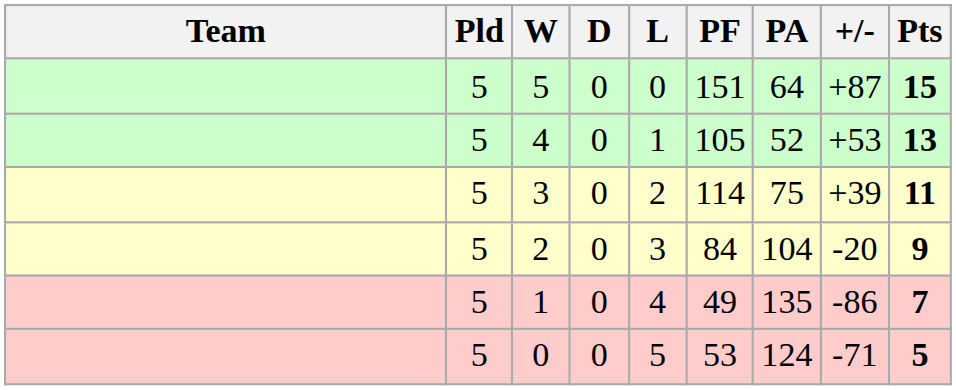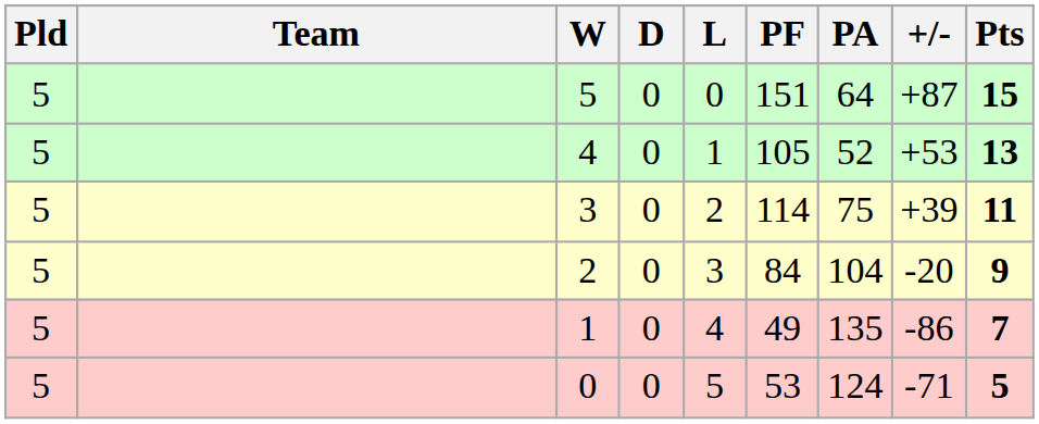 <table class="wikitable" border="1" style="text-align: center;">
 <tr>
+<th width="20">Pld</th>
 <th width="200">Team</th>
-<th width="20">Pld</th>
 <th width="20">W</th>
 <th width="20">D</th>
 <th width="20">L</th>
 <th width="20">PF</th>
 <th width="20">PA</th>
 <th width="25">+/-</th>
 <th width="20">Pts</th>
 </tr>
 <tr style="background:#cfc;">
+<td>5</td>
 <td align=left></td>
-<td>5</td>
 <td>5</td>
 <td>0</td>
 <td>0</td>
 <td>151</td>
 <td>64</td>
 <td>+87</td>
 <td><strong>15</strong></td>
 </tr>
 <tr style="background:#cfc;">
+<td>5</td>
 <td align=left></td>
-<td>5</td>
 <td>4</td>
 <td>0</td>
 <td>1</td>
 <td>105</td>
 <td>52</td>
 <td>+53</td>
 <td><strong>13</strong></td>
 </tr>
 <tr style="background:#ffc;">
+<td>5</td>
 <td align=left></td>
-<td>5</td>
 <td>3</td>
 <td>0</td>
 <td>2</td>
 <td>114</td>
 <td>75</td>
 <td>+39</td>
 <td><strong>11</strong></td>
 </tr>
 <tr style="background:#ffc;">
+<td>5</td>
 <td align=left></td>
-<td>5</td>
 <td>2</td>
 <td>0</td>
 <td>3</td>
 <td>84</td>
 <td>104</td>
 <td>-20</td>
 <td><strong>9</strong></td>
 </tr>
 <tr bgcolor="#ffcccc">
+<td>5</td>
 <td align=left></td>
-<td>5</td>
 <td>1</td>
 <td>0</td>
 <td>4</td>
 <td>49</td>
 <td>135</td>
 <td>-86</td>
 <td><strong>7</strong></td>
 </tr>
 <tr bgcolor="#ffcccc">
+<td>5</td>
 <td align=left></td>
-<td>5</td>
 <td>0</td>
 <td>0</td>
 <td>5</td>
 <td>53</td>
 <td>124</td>
 <td>-71</td>
 <td><strong>5</strong></td>
 </tr>
 </table>
